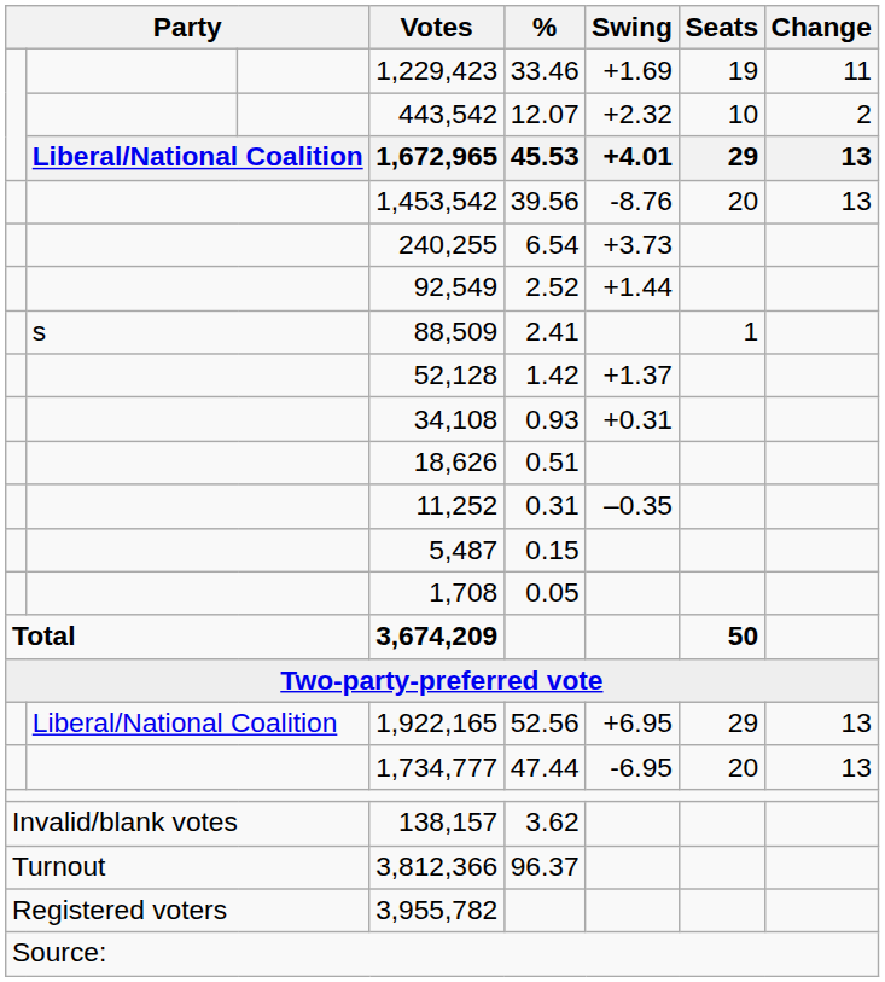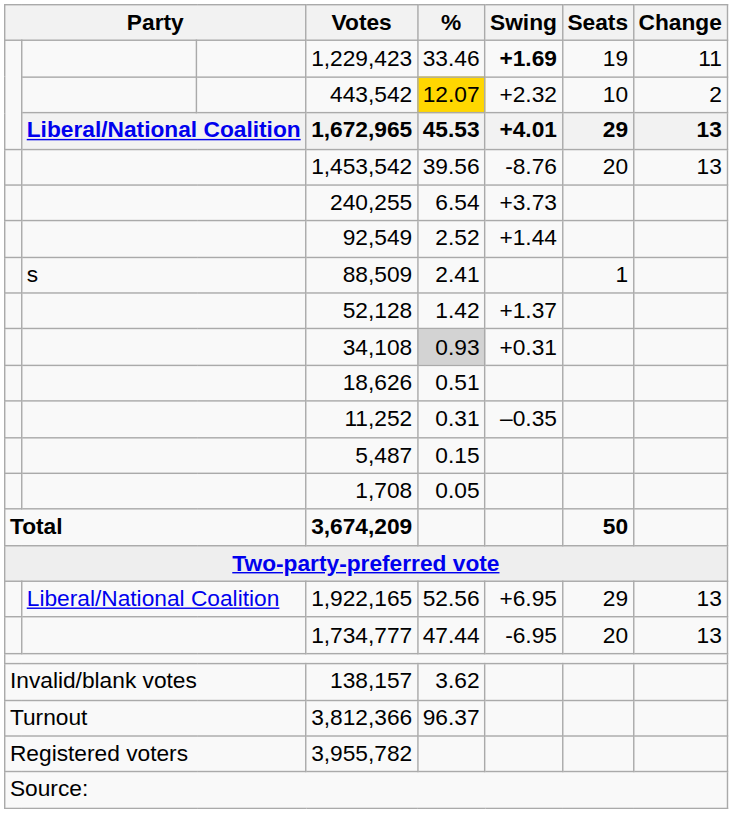 <table class="wikitable">
 <tr>
 <th colspan="3" style="width:200px"><strong>Party</strong></th>
 <th style="width:70px; text-align:center;"><strong>Votes</strong></th>
 <th style="width:40px; text-align:center;"><strong>%</strong></th>
 <th style="width:40px; text-align:center;"><strong>Swing</strong></th>
 <th style="width:40px; text-align:center;"><strong>Seats</strong></th>
 <th style="width:40px; text-align:center;"><strong>Change</strong></th>
 </tr>
 <tr>
 <td rowspan="3"> </td>
 <td> </td>
 <td></td>
 <td align=right>1,229,423</td>
 <td align=right>33.46</td>
-<td align=right>+1.69</td>
+<td align=right><strong>+1.69</strong></td>
 <td align=right>19</td>
 <td align=right> 11</td>
 </tr>
 <tr>
 <td> </td>
 <td></td>
 <td align=right>443,542</td>
-<td align=right>12.07</td>
+<td align=right style="background: gold;">12.07</td>
 <td align=right>+2.32</td>
 <td align=right>10</td>
 <td align=right> 2</td>
 </tr>
 <tr>
 <th colspan="2" style="text-align:left;"><a href='#'>Liberal/National Coalition</a></th>
 <th style="text-align:right;">1,672,965</th>
 <th style="text-align:right;">45.53</th>
 <th style="text-align:right;">+4.01</th>
 <th style="text-align:right;">29</th>
 <th style="text-align:right;"> 13</th>
 </tr>
 <tr>
 <td> </td>
 <td colspan=2></td>
 <td align=right>1,453,542</td>
 <td align=right>39.56</td>
 <td align=right>-8.76</td>
 <td align=right>20</td>
 <td align=right> 13</td>
 </tr>
 <tr>
 <td> </td>
 <td colspan=2></td>
 <td align=right>240,255</td>
 <td align=right>6.54</td>
 <td align=right>+3.73</td>
 <td align=right></td>
 <td align=right></td>
 </tr>
 <tr>
 <td> </td>
 <td colspan=2></td>
 <td align=right>92,549</td>
 <td align=right>2.52</td>
 <td align=right>+1.44</td>
 <td align=right></td>
 <td align=right></td>
 </tr>
 <tr>
 <td> </td>
 <td colspan=2>s</td>
 <td align=right>88,509</td>
 <td align=right>2.41</td>
 <td align=right></td>
 <td align=right>1</td>
 <td align=right></td>
 </tr>
 <tr>
 <td> </td>
 <td colspan=2></td>
 <td align=right>52,128</td>
 <td align=right>1.42</td>
 <td align=right>+1.37</td>
 <td align=right></td>
 <td align=right></td>
 </tr>
 <tr>
 <td> </td>
 <td colspan=2></td>
 <td align=right>34,108</td>
-<td align=right>0.93</td>
+<td align=right style="background: lightgrey;">0.93</td>
 <td align=right>+0.31</td>
 <td align=right></td>
 <td align=right></td>
 </tr>
 <tr>
 <td> </td>
 <td colspan=2></td>
 <td align=right>18,626</td>
 <td align=right>0.51</td>
 <td align=right></td>
 <td align=right></td>
 <td align=right></td>
 </tr>
 <tr>
 <td> </td>
 <td colspan=2></td>
 <td align=right>11,252</td>
 <td align=right>0.31</td>
 <td align=right>–0.35</td>
 <td align=right></td>
 <td align=right></td>
 </tr>
 <tr>
 <td> </td>
 <td colspan=2></td>
 <td align=right>5,487</td>
 <td align=right>0.15</td>
 <td align=right></td>
 <td align=right></td>
 <td align=right></td>
 </tr>
 <tr>
 <td> </td>
 <td colspan=2></td>
 <td align=right>1,708</td>
 <td align=right>0.05</td>
 <td align=right></td>
 <td align=right></td>
 <td align=right></td>
 </tr>
 <tr>
 <td colspan="3" align="left"><strong>Total</strong></td>
 <td align=right><strong>3,674,209</strong></td>
 <td align=right></td>
 <td align=right></td>
 <td align=right><strong>50</strong></td>
 <td align=right></td>
 </tr>
 <tr>
 <td colspan="8" style="text-align:center; background:#eee;"><strong><a href='#'>Two-party-preferred vote</a></strong></td>
 </tr>
 <tr>
 <td> </td>
 <td colspan=2><a href='#'>Liberal/National Coalition</a></td>
 <td align=right>1,922,165</td>
 <td align=right>52.56</td>
 <td align=right>+6.95</td>
 <td align=right>29</td>
 <td align=right> 13</td>
 </tr>
 <tr>
 <td> </td>
 <td colspan=2></td>
 <td align=right>1,734,777</td>
 <td align=right>47.44</td>
 <td align=right>-6.95</td>
 <td align=right>20</td>
 <td align=right> 13</td>
 </tr>
 <tr>
 <td colspan="8"></td>
 </tr>
 <tr>
 <td colspan="3" style="text-align:left;">Invalid/blank votes</td>
 <td align="right">138,157</td>
 <td align="right">3.62</td>
 <td align="right"></td>
 <td></td>
 <td></td>
 </tr>
 <tr>
 <td colspan="3" style="text-align:left;">Turnout</td>
 <td align="right">3,812,366</td>
 <td align="right">96.37</td>
 <td align="right"></td>
 <td></td>
 <td></td>
 </tr>
 <tr>
 <td colspan="3" style="text-align:left;">Registered voters</td>
 <td align="right">3,955,782</td>
 <td></td>
 <td></td>
 <td></td>
 <td></td>
 </tr>
 <tr>
 <td colspan="8" align="left">Source: </td>
 </tr>
 </table>
